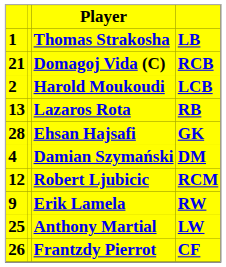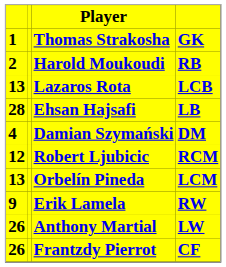 <table class="toccolours" border="0" cellpadding="2" cellspacing="0" align="center" style="margin: 0.5em 0 1em 1em; background: #000000; border: 1px #aaaaaa solid;">
 <tr bgcolor=#FFFF00>
 <th></th>
 <th></th>
 <th>Player</th>
 <th></th>
 </tr>
 <tr bgcolor=#FFFF00>
 <td><strong>1</strong></td>
 <td></td>
 <td><a href='#'><span><strong>Thomas Strakosha</strong></span></a></td>
-<td><a href='#'><strong>LB</strong></a></td>
-</tr>
-<tr bgcolor=#FFFF00>
-<td><strong>21</strong></td>
-<td></td>
-<td><a href='#'><span><strong>Domagoj Vida</strong></span></a> <strong>(C)</strong></td>
-<td><a href='#'><strong>RCB</strong></a></td>
+<td><a href='#'><strong>GK</strong></a></td>
 </tr>
 <tr bgcolor=#FFFF00>
 <td><strong>2</strong></td>
 <td></td>
 <td><a href='#'><span><strong>Harold Moukoudi</strong></span></a></td>
-<td><a href='#'><strong>LCB</strong></a></td>
+<td><a href='#'><strong>RB</strong></a></td>
 </tr>
 <tr bgcolor=#FFFF00>
 <td><strong>13</strong></td>
 <td></td>
 <td><a href='#'><span><strong>Lazaros Rota</strong></span></a></td>
-<td><a href='#'><strong>RB</strong></a></td>
+<td><a href='#'><strong>LCB</strong></a></td>
 </tr>
 <tr bgcolor=#FFFF00>
 <td><strong>28</strong></td>
 <td></td>
 <td><a href='#'><span><strong>Ehsan Hajsafi</strong></span></a></td>
-<td><a href='#'><strong>GK</strong></a></td>
+<td><a href='#'><strong>LB</strong></a></td>
 </tr>
 <tr bgcolor=#FFFF00>
 <td><strong>4</strong></td>
 <td></td>
 <td><a href='#'><span><strong>Damian Szymański</strong></span></a></td>
 <td><a href='#'><strong>DM</strong></a></td>
 </tr>
 <tr bgcolor=#FFFF00>
 <td><strong>12</strong></td>
 <td></td>
 <td><a href='#'><span><strong>Robert Ljubicic</strong></span></a></td>
 <td><a href='#'><strong>RCM</strong></a></td>
 </tr>
 <tr bgcolor=#FFFF00>
+<td><strong>13</strong></td>
+<td></td>
+<td><a href='#'><span><strong>Orbelín Pineda</strong></span></a></td>
+<td><a href='#'><strong>LCM</strong></a></td>
+</tr>
+<tr bgcolor=#FFFF00>
 <td><strong>9</strong></td>
 <td></td>
 <td><a href='#'><span><strong>Erik Lamela</strong></span></a></td>
 <td><a href='#'><strong>RW</strong></a></td>
 </tr>
 <tr bgcolor=#FFFF00>
-<td><strong>25</strong></td>
+<td><strong>26</strong></td>
 <td></td>
 <td><a href='#'><span><strong>Anthony Martial</strong></span></a></td>
 <td><a href='#'><strong>LW</strong></a></td>
 </tr>
 <tr bgcolor=#FFFF00>
 <td><strong>26</strong></td>
 <td></td>
 <td><a href='#'><span><strong>Frantzdy Pierrot</strong></span></a></td>
 <td><a href='#'><strong>CF</strong></a></td>
 </tr>
 </table>
